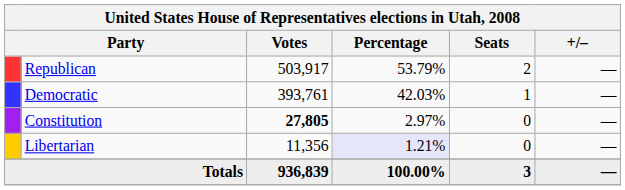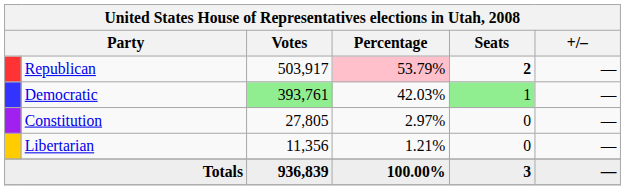 <table class="wikitable" style="font-size: 95%;">
 <tr>
 <th colspan="6">United States House of Representatives elections in Utah, 2008</th>
 </tr>
 <tr>
 <th colspan=2 style="width: 15em">Party</th>
 <th style="width: 5em">Votes</th>
 <th style="width: 7em">Percentage</th>
 <th style="width: 5em">Seats</th>
 <th style="width: 5em">+/–</th>
 </tr>
 <tr>
 <th style="background-color:#FF3333; width: 3px"></th>
 <td style="width: 130px"><a href='#'>Republican</a></td>
 <td align="right">503,917</td>
-<td align="right">53.79%</td>
-<td align="right">2</td>
+<td align="right" style="background: pink;">53.79%</td>
+<td align="right"><strong>2</strong></td>
 <td align="right">—</td>
 </tr>
 <tr>
 <th style="background-color:#3333FF; width: 3px"></th>
 <td style="width: 130px"><a href='#'>Democratic</a></td>
-<td align="right">393,761</td>
+<td align="right" style="background: lightgreen;">393,761</td>
 <td align="right">42.03%</td>
-<td align="right">1</td>
+<td align="right" style="background: lightgreen;">1</td>
 <td align="right">—</td>
 </tr>
 <tr>
 <th style="background-color:#A020F0; width: 3px"></th>
 <td style="width: 130px"><a href='#'>Constitution</a></td>
-<td align="right"><strong>27,805</strong></td>
+<td align="right">27,805</td>
 <td align="right">2.97%</td>
 <td align="right">0</td>
 <td align="right">—</td>
 </tr>
 <tr>
 <th style="background-color:#FFCC00; width: 3px"></th>
 <td style="width: 130px"><a href='#'>Libertarian</a></td>
 <td align="right">11,356</td>
-<td align="right" style="background: lavender;">1.21%</td>
+<td align="right">1.21%</td>
 <td align="right">0</td>
 <td align="right">—</td>
 </tr>
 <tr>
 </tr>
 <tr bgcolor="#EEEEEE">
 <td colspan="2" align="right"><strong>Totals</strong></td>
 <td align="right"><strong>936,839</strong></td>
 <td align="right"><strong>100.00%</strong></td>
 <td align="right"><strong>3</strong></td>
 <td align="right"><strong>—</strong></td>
 </tr>
 <tr bgcolor="#EEEEEE">
 </tr>
 </table>
